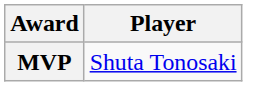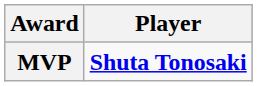 <table class=wikitable>
 <tr>
 <th>Award</th>
 <th>Player</th>
 </tr>
 <tr>
 <th>MVP</th>
-<td> <a href='#'>Shuta Tonosaki</a></td>
+<td><strong> <a href='#'>Shuta Tonosaki</a></strong></td>
 </tr>
 </table>
